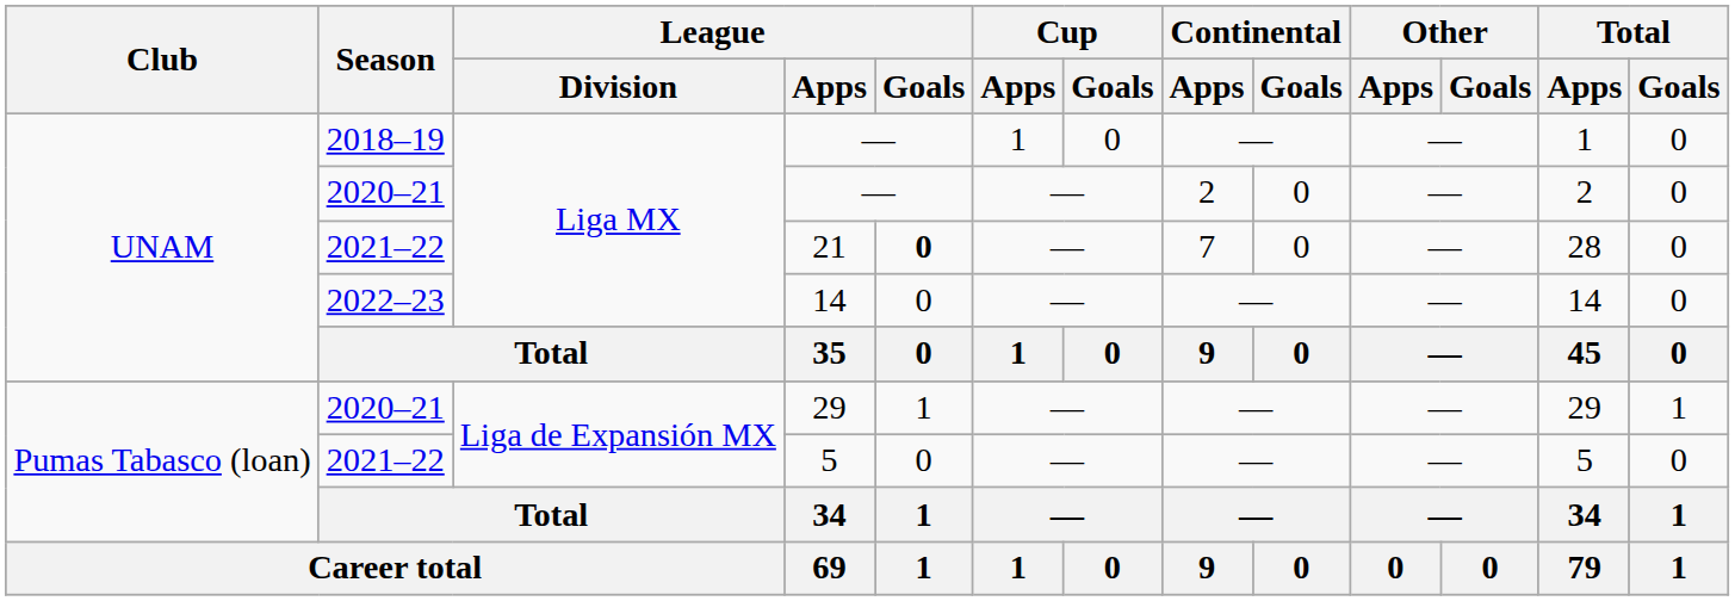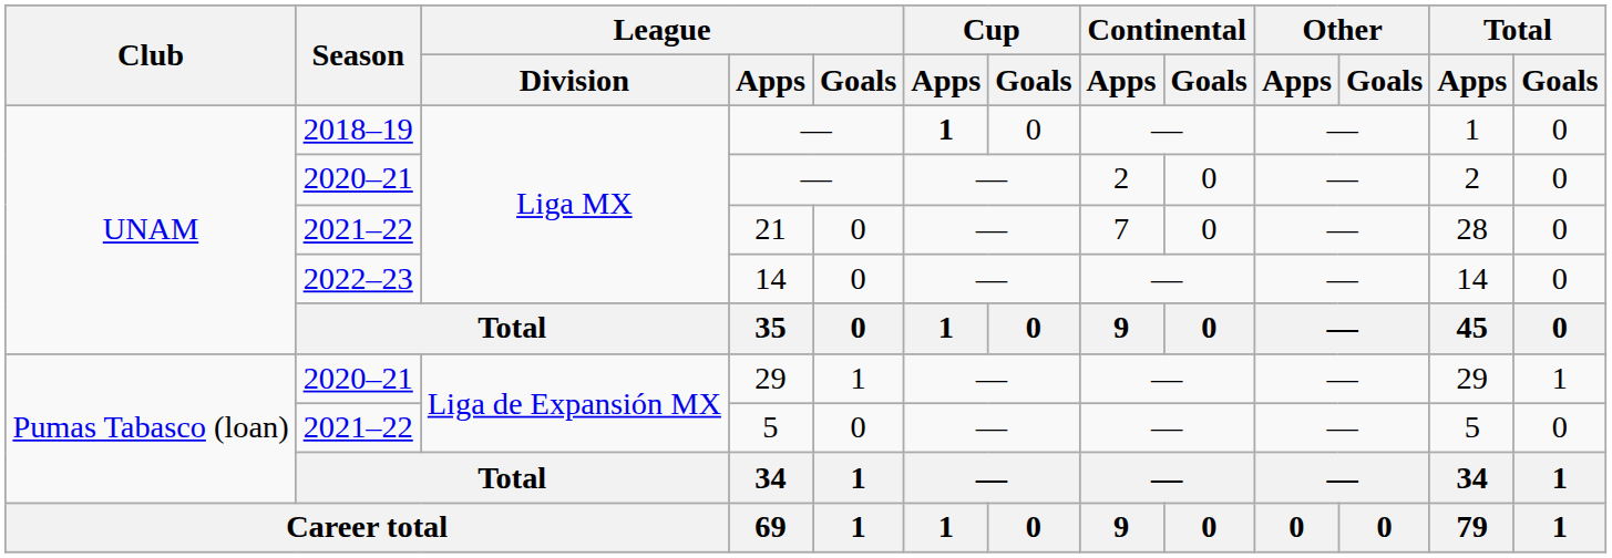 <table class="wikitable" style="text-align:center">
 <tr>
 <th rowspan="2">Club</th>
 <th rowspan="2">Season</th>
 <th colspan="3">League</th>
 <th colspan="2">Cup</th>
 <th colspan="2">Continental</th>
 <th colspan="2">Other</th>
 <th colspan="2">Total</th>
 </tr>
 <tr>
 <th>Division</th>
 <th>Apps</th>
 <th>Goals</th>
 <th>Apps</th>
 <th>Goals</th>
 <th>Apps</th>
 <th>Goals</th>
 <th>Apps</th>
 <th>Goals</th>
 <th>Apps</th>
 <th>Goals</th>
 </tr>
 <tr>
 <td rowspan="5"><a href='#'>UNAM</a></td>
 <td><a href='#'>2018–19</a></td>
 <td rowspan="4"><a href='#'>Liga MX</a></td>
 <td colspan=2>—</td>
-<td>1</td>
+<td><strong>1</strong></td>
 <td>0</td>
 <td colspan=2>—</td>
 <td colspan=2>—</td>
 <td>1</td>
 <td>0</td>
 </tr>
 <tr>
 <td><a href='#'>2020–21</a></td>
 <td colspan=2>—</td>
 <td colspan=2>—</td>
 <td>2</td>
 <td>0</td>
 <td colspan=2>—</td>
 <td>2</td>
 <td>0</td>
 </tr>
 <tr>
 <td><a href='#'>2021–22</a></td>
 <td>21</td>
-<td><strong>0</strong></td>
+<td>0</td>
 <td colspan=2>—</td>
 <td>7</td>
 <td>0</td>
 <td colspan=2>—</td>
 <td>28</td>
 <td>0</td>
 </tr>
 <tr>
 <td><a href='#'>2022–23</a></td>
 <td>14</td>
 <td>0</td>
 <td colspan=2>—</td>
 <td colspan=2>—</td>
 <td colspan=2>—</td>
 <td>14</td>
 <td>0</td>
 </tr>
 <tr>
 <th colspan="2">Total</th>
 <th>35</th>
 <th>0</th>
 <th>1</th>
 <th>0</th>
 <th>9</th>
 <th>0</th>
 <th colspan=2>—</th>
 <th>45</th>
 <th>0</th>
 </tr>
 <tr>
 <td rowspan="3"><a href='#'>Pumas Tabasco</a> (loan)</td>
 <td><a href='#'>2020–21</a></td>
 <td rowspan="2"><a href='#'>Liga de Expansión MX</a></td>
 <td>29</td>
 <td>1</td>
 <td colspan=2>—</td>
 <td colspan=2>—</td>
 <td colspan=2>—</td>
 <td>29</td>
 <td>1</td>
 </tr>
 <tr>
 <td><a href='#'>2021–22</a></td>
 <td>5</td>
 <td>0</td>
 <td colspan=2>—</td>
 <td colspan=2>—</td>
 <td colspan=2>—</td>
 <td>5</td>
 <td>0</td>
 </tr>
 <tr>
 <th colspan="2">Total</th>
 <th>34</th>
 <th>1</th>
 <th colspan=2>—</th>
 <th colspan=2>—</th>
 <th colspan=2>—</th>
 <th>34</th>
 <th>1</th>
 </tr>
 <tr>
 <th colspan="3">Career total</th>
 <th>69</th>
 <th>1</th>
 <th>1</th>
 <th>0</th>
 <th>9</th>
 <th>0</th>
 <th>0</th>
 <th>0</th>
 <th>79</th>
 <th>1</th>
 </tr>
 </table>
